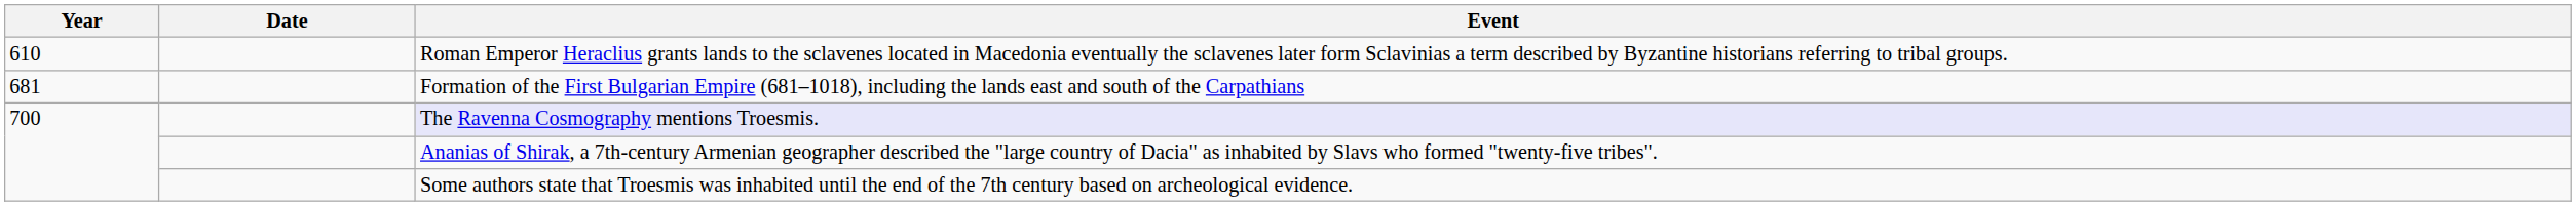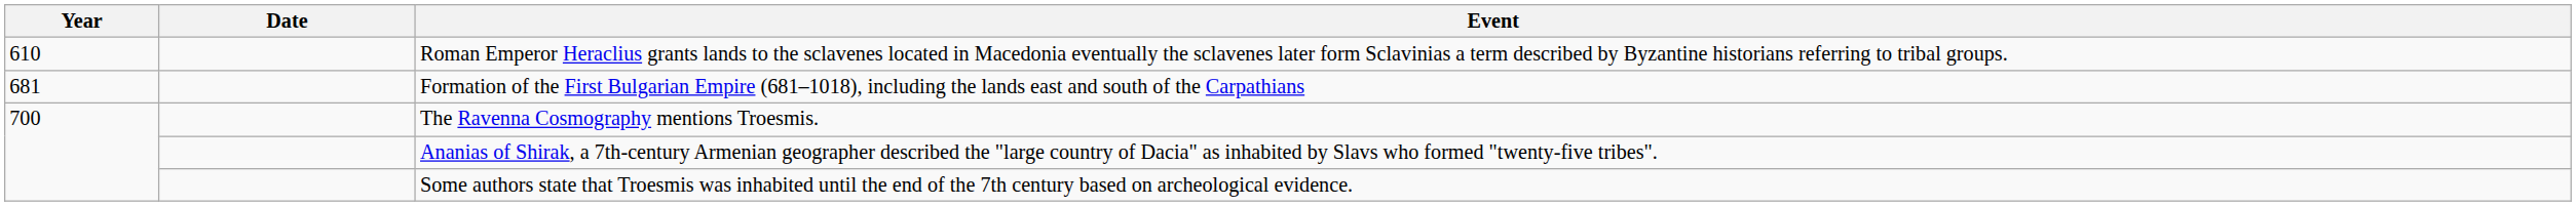 <table class="wikitable" width="100%">
 <tr>
 <th style="width:6%">Year</th>
 <th style="width:10%">Date</th>
 <th>Event</th>
 </tr>
 <tr>
 <td>610</td>
 <td></td>
 <td>Roman Emperor <a href='#'>Heraclius</a> grants lands to the sclavenes located in Macedonia eventually the sclavenes later form Sclavinias a term described by Byzantine historians referring to tribal groups.</td>
 </tr>
 <tr>
 <td>681</td>
 <td></td>
 <td>Formation of the <a href='#'>First Bulgarian Empire</a> (681–1018), including the lands east and south of the <a href='#'>Carpathians</a></td>
 </tr>
 <tr>
 <td rowspan="3" valign="top">700</td>
 <td></td>
-<td style="background: lavender;">The <a href='#'>Ravenna Cosmography</a> mentions Troesmis.</td>
+<td>The <a href='#'>Ravenna Cosmography</a> mentions Troesmis.</td>
 </tr>
 <tr>
 <td></td>
 <td><a href='#'>Ananias of Shirak</a>, a 7th-century Armenian geographer described the "large country of Dacia" as inhabited by Slavs who formed "twenty-five tribes".</td>
 </tr>
 <tr>
 <td></td>
 <td>Some authors state that Troesmis was inhabited until the end of the 7th century based on archeological evidence.</td>
 </tr>
 </table>
